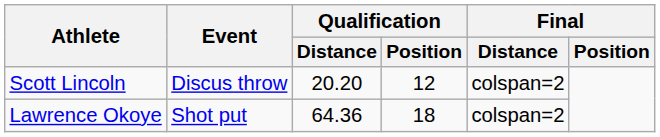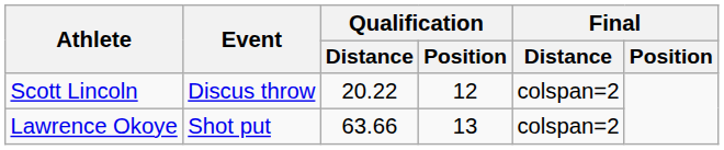 <table class=wikitable style=font-size:90%>
 <tr>
 <th rowspan=2>Athlete</th>
 <th rowspan=2>Event</th>
 <th colspan=2>Qualification</th>
 <th colspan=2>Final</th>
 </tr>
 <tr style=font-size:95%>
 <th>Distance</th>
 <th>Position</th>
 <th>Distance</th>
 <th>Position</th>
 </tr>
 <tr align=center>
 <td align=left><a href='#'>Scott Lincoln</a></td>
 <td align=left><a href='#'>Discus throw</a></td>
-<td>20.20</td>
+<td>20.22</td>
 <td>12</td>
 <td>colspan=2 </td>
 </tr>
 <tr align=center>
 <td align=left><a href='#'>Lawrence Okoye</a></td>
 <td align=left><a href='#'>Shot put</a></td>
-<td>64.36</td>
-<td>18</td>
+<td>63.66</td>
+<td>13</td>
 <td>colspan=2 </td>
 </tr>
 </table>
